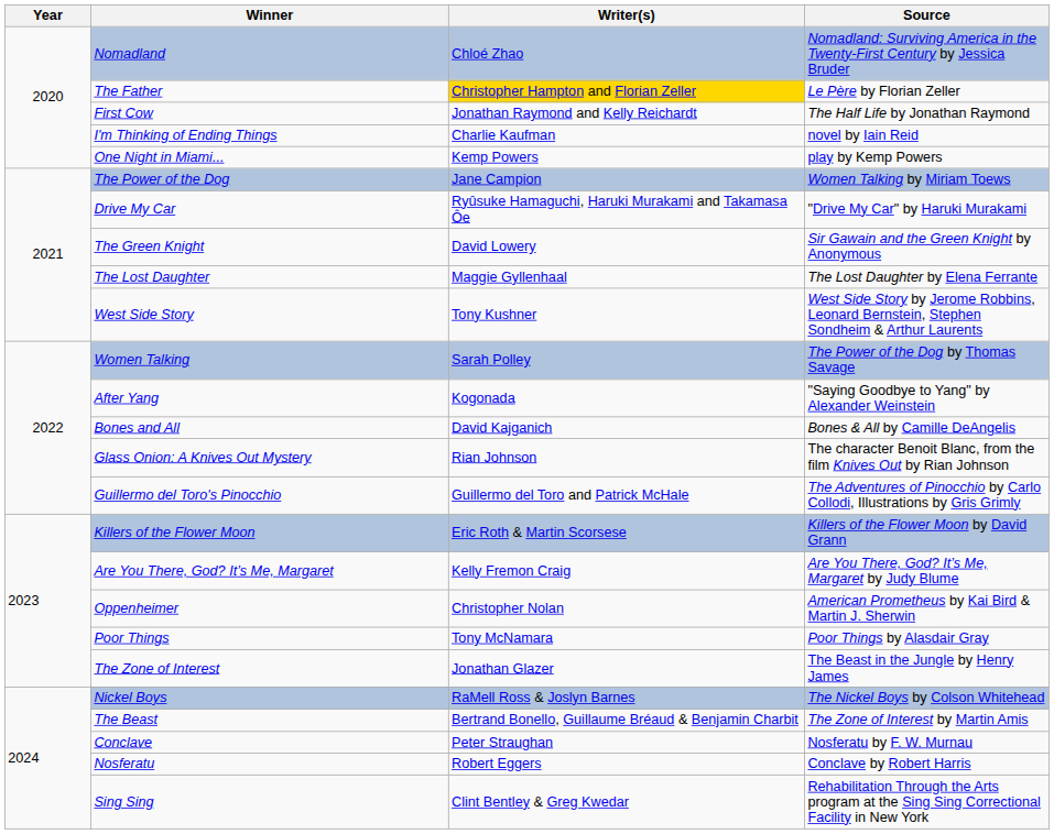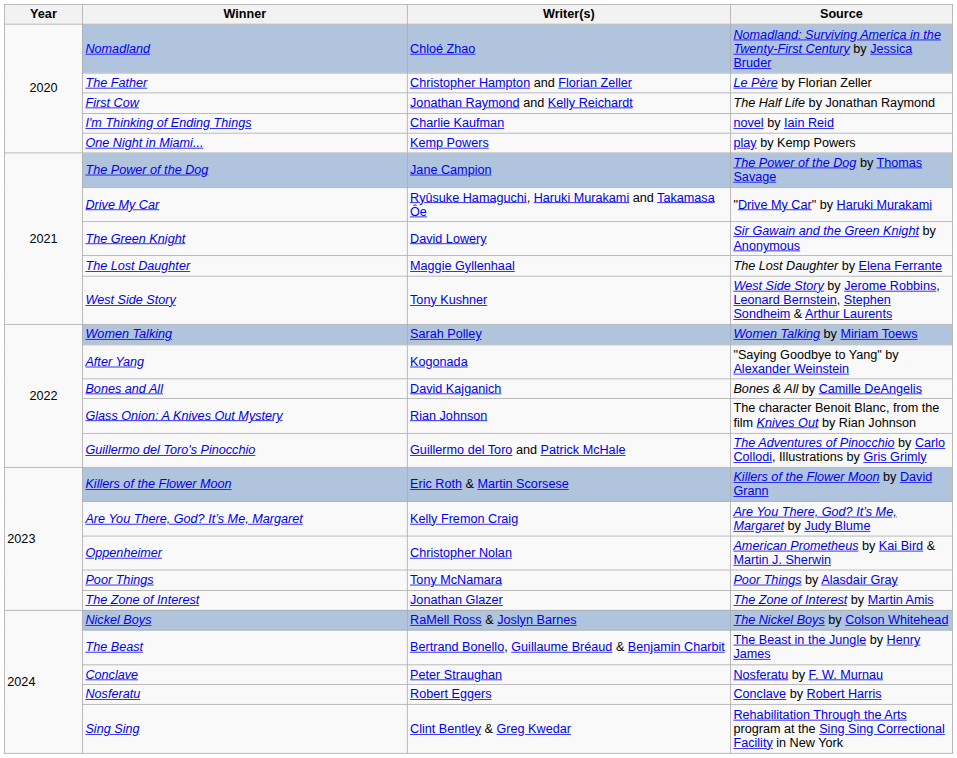 <table class="wikitable" width="95%" cellpadding="5">
 <tr>
 <th width="100"><strong>Year</strong></th>
 <th width="450"><strong>Winner</strong></th>
 <th width="450"><strong>Writer(s)</strong></th>
 <th width="300"><strong>Source</strong></th>
 </tr>
 <tr>
 <td rowspan="5" style="text-align:center;">2020</td>
 <td style="background:#B0C4DE;"><em><a href='#'>Nomadland</a></em></td>
 <td style="background:#B0C4DE;"><a href='#'>Chloé Zhao</a></td>
 <td style="background:#B0C4DE;"><em><a href='#'>Nomadland: Surviving America in the Twenty-First Century</a></em> by <a href='#'>Jessica Bruder</a></td>
 </tr>
 <tr>
 <td><em><a href='#'>The Father</a></em></td>
-<td style="background: gold;"><a href='#'>Christopher Hampton</a> and <a href='#'>Florian Zeller</a></td>
+<td><a href='#'>Christopher Hampton</a> and <a href='#'>Florian Zeller</a></td>
 <td><em><a href='#'>Le Père</a></em> by Florian Zeller</td>
 </tr>
 <tr>
 <td><em><a href='#'>First Cow</a></em></td>
 <td><a href='#'>Jonathan Raymond</a> and <a href='#'>Kelly Reichardt</a></td>
 <td><em>The Half Life</em> by Jonathan Raymond</td>
 </tr>
 <tr>
 <td><em><a href='#'>I'm Thinking of Ending Things</a></em></td>
 <td><a href='#'>Charlie Kaufman</a></td>
 <td><a href='#'>novel</a> by <a href='#'>Iain Reid</a></td>
 </tr>
 <tr>
 <td><em><a href='#'>One Night in Miami...</a></em></td>
 <td><a href='#'>Kemp Powers</a></td>
 <td><a href='#'>play</a> by Kemp Powers</td>
 </tr>
 <tr>
 <td rowspan="5" style="text-align:center;">2021</td>
 <td style="background:#B0C4DE;"><a href='#'><em>The Power of the Dog</em></a></td>
 <td style="background:#B0C4DE;"><a href='#'>Jane Campion</a></td>
-<td style="background:#B0C4DE;"><em><a href='#'>Women Talking</a></em> by <a href='#'>Miriam Toews</a></td>
+<td style="background:#B0C4DE;"><em><a href='#'>The Power of the Dog</a></em> by <a href='#'>Thomas Savage</a></td>
 </tr>
 <tr>
 <td><em><a href='#'>Drive My Car</a></em></td>
 <td><a href='#'>Ryûsuke Hamaguchi</a>, <a href='#'>Haruki Murakami</a> and <a href='#'>Takamasa Ôe</a></td>
 <td>"<a href='#'>Drive My Car</a>" by <a href='#'>Haruki Murakami</a></td>
 </tr>
 <tr>
 <td><em><a href='#'>The Green Knight</a></em></td>
 <td><a href='#'>David Lowery</a></td>
 <td><em><a href='#'>Sir Gawain and the Green Knight</a></em> by <a href='#'>Anonymous</a></td>
 </tr>
 <tr>
 <td><em><a href='#'>The Lost Daughter</a></em></td>
 <td><a href='#'>Maggie Gyllenhaal</a></td>
 <td><em>The Lost Daughter</em> by <a href='#'>Elena Ferrante</a></td>
 </tr>
 <tr>
 <td><em><a href='#'>West Side Story</a></em></td>
 <td><a href='#'>Tony Kushner</a></td>
 <td><em><a href='#'>West Side Story</a></em> by <a href='#'>Jerome Robbins</a>, <a href='#'>Leonard Bernstein</a>, <a href='#'>Stephen Sondheim</a> & <a href='#'>Arthur Laurents</a></td>
 </tr>
 <tr>
 <td rowspan="5" style="text-align:center;">2022</td>
 <td style="background:#B0C4DE;"><em><a href='#'>Women Talking</a></em></td>
 <td style="background:#B0C4DE;"><a href='#'>Sarah Polley</a></td>
-<td style="background:#B0C4DE;"><em><a href='#'>The Power of the Dog</a></em> by <a href='#'>Thomas Savage</a></td>
+<td style="background:#B0C4DE;"><em><a href='#'>Women Talking</a></em> by <a href='#'>Miriam Toews</a></td>
 </tr>
 <tr>
 <td><em><a href='#'>After Yang</a></em></td>
 <td><a href='#'>Kogonada</a></td>
 <td>"Saying Goodbye to Yang" by <a href='#'>Alexander Weinstein</a></td>
 </tr>
 <tr>
 <td><em><a href='#'>Bones and All</a></em></td>
 <td><a href='#'>David Kajganich</a></td>
 <td><em>Bones & All</em> by <a href='#'>Camille DeAngelis</a></td>
 </tr>
 <tr>
 <td><em><a href='#'>Glass Onion: A Knives Out Mystery</a></em></td>
 <td><a href='#'>Rian Johnson</a></td>
 <td>The character Benoit Blanc, from the film <em><a href='#'>Knives Out</a></em> by Rian Johnson</td>
 </tr>
 <tr>
 <td><em><a href='#'>Guillermo del Toro's Pinocchio</a></em></td>
 <td><a href='#'>Guillermo del Toro</a> and <a href='#'>Patrick McHale</a></td>
 <td><em><a href='#'>The Adventures of Pinocchio</a></em> by <a href='#'>Carlo Collodi</a>, Illustrations by <a href='#'>Gris Grimly</a></td>
 </tr>
 <tr>
 <td rowspan="5">2023</td>
 <td style="background:#B0C4DE;"><em><a href='#'>Killers of the Flower Moon</a></em></td>
 <td style="background:#B0C4DE;"><a href='#'>Eric Roth</a> & <a href='#'>Martin Scorsese</a></td>
 <td style="background:#B0C4DE;"><em><a href='#'>Killers of the Flower Moon</a></em> by <a href='#'>David Grann</a></td>
 </tr>
 <tr>
 <td><em><a href='#'>Are You There, God? It’s Me, Margaret</a></em></td>
 <td><a href='#'>Kelly Fremon Craig</a></td>
 <td><em><a href='#'>Are You There, God? It’s Me, Margaret</a></em> by <a href='#'>Judy Blume</a></td>
 </tr>
 <tr>
 <td><em><a href='#'>Oppenheimer</a></em></td>
 <td><a href='#'>Christopher Nolan</a></td>
 <td><em><a href='#'>American Prometheus</a></em> by <a href='#'>Kai Bird</a> & <a href='#'>Martin J. Sherwin</a></td>
 </tr>
 <tr>
 <td><a href='#'><em>Poor Things</em></a></td>
 <td><a href='#'>Tony McNamara</a></td>
 <td><em><a href='#'>Poor Things</a></em> by <a href='#'>Alasdair Gray</a></td>
 </tr>
 <tr>
 <td><em><a href='#'>The Zone of Interest</a></em></td>
 <td><a href='#'>Jonathan Glazer</a></td>
-<td><a href='#'>The Beast in the Jungle</a> by <a href='#'>Henry James</a></td>
+<td><a href='#'><em>The Zone of Interest</em></a> by <a href='#'>Martin Amis</a></td>
 </tr>
 <tr>
 <td rowspan="5">2024</td>
 <td style="background:#B0C4DE;"><em><a href='#'>Nickel Boys</a></em></td>
 <td style="background:#B0C4DE;"><a href='#'>RaMell Ross</a> & <a href='#'>Joslyn Barnes</a></td>
 <td style="background:#B0C4DE;"><em><a href='#'>The Nickel Boys</a></em> by <a href='#'>Colson Whitehead</a></td>
 </tr>
 <tr>
 <td><em><a href='#'>The Beast</a></em></td>
 <td><a href='#'>Bertrand Bonello</a>, <a href='#'>Guillaume Bréaud</a> & <a href='#'>Benjamin Charbit</a></td>
-<td><a href='#'><em>The Zone of Interest</em></a> by <a href='#'>Martin Amis</a></td>
+<td><a href='#'>The Beast in the Jungle</a> by <a href='#'>Henry James</a></td>
 </tr>
 <tr>
 <td><em><a href='#'>Conclave</a></em></td>
 <td><a href='#'>Peter Straughan</a></td>
 <td><a href='#'>Nosferatu</a> by <a href='#'>F. W. Murnau</a></td>
 </tr>
 <tr>
 <td><em><a href='#'>Nosferatu</a></em></td>
 <td><a href='#'>Robert Eggers</a></td>
 <td><a href='#'>Conclave</a> by <a href='#'>Robert Harris</a></td>
 </tr>
 <tr>
 <td><em><a href='#'>Sing Sing</a></em></td>
 <td><a href='#'>Clint Bentley</a> & <a href='#'>Greg Kwedar</a></td>
 <td><a href='#'>Rehabilitation Through the Arts</a> program at the <a href='#'>Sing Sing Correctional Facility</a> in New York</td>
 </tr>
 </table>
